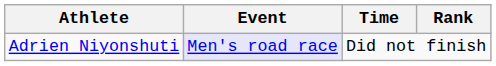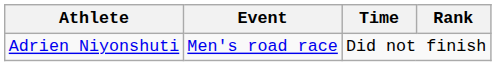 <table class="wikitable" style="font-size:90%">
 <tr>
 <th>Athlete</th>
 <th>Event</th>
 <th>Time</th>
 <th>Rank</th>
 </tr>
 <tr align=center>
 <td align=left><a href='#'>Adrien Niyonshuti</a></td>
-<td align=left style="background: lavender;"><a href='#'>Men's road race</a></td>
+<td align=left><a href='#'>Men's road race</a></td>
 <td colspan="2">Did not finish</td>
 </tr>
 </table>
